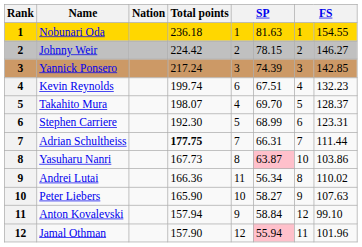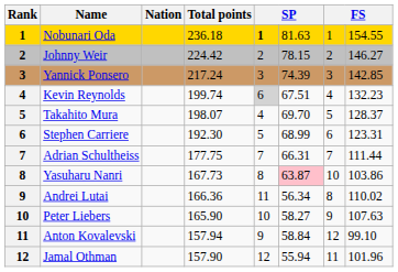 <table class="wikitable">
 <tr>
 <th>Rank</th>
 <th>Name</th>
 <th>Nation</th>
 <th>Total points</th>
 <th colspan="2" width="80px"><a href='#'>SP</a></th>
 <th colspan="2" width="80px"><a href='#'>FS</a></th>
 </tr>
 <tr bgcolor="gold">
 <td align="center"><strong>1</strong></td>
 <td><a href='#'>Nobunari Oda</a></td>
 <td></td>
 <td>236.18</td>
-<td>1</td>
+<td><strong>1</strong></td>
 <td>81.63</td>
 <td>1</td>
 <td>154.55</td>
 </tr>
 <tr bgcolor="silver">
 <td align="center"><strong>2</strong></td>
 <td><a href='#'>Johnny Weir</a></td>
 <td></td>
 <td>224.42</td>
 <td>2</td>
 <td>78.15</td>
 <td>2</td>
 <td>146.27</td>
 </tr>
 <tr bgcolor="cc9966">
 <td align="center"><strong>3</strong></td>
 <td><a href='#'>Yannick Ponsero</a></td>
 <td></td>
 <td>217.24</td>
 <td>3</td>
 <td>74.39</td>
 <td>3</td>
 <td>142.85</td>
 </tr>
 <tr>
 <th>4</th>
 <td><a href='#'>Kevin Reynolds</a></td>
 <td></td>
 <td>199.74</td>
-<td>6</td>
+<td style="background: lightgrey;">6</td>
 <td>67.51</td>
 <td>4</td>
 <td>132.23</td>
 </tr>
 <tr>
 <th>5</th>
 <td><a href='#'>Takahito Mura</a></td>
 <td></td>
 <td>198.07</td>
 <td>4</td>
 <td>69.70</td>
 <td>5</td>
 <td>128.37</td>
 </tr>
 <tr>
 <th>6</th>
 <td><a href='#'>Stephen Carriere</a></td>
 <td></td>
 <td>192.30</td>
 <td>5</td>
 <td>68.99</td>
 <td>6</td>
 <td>123.31</td>
 </tr>
 <tr>
 <th>7</th>
 <td><a href='#'>Adrian Schultheiss</a></td>
 <td></td>
-<td><strong>177.75</strong></td>
+<td>177.75</td>
 <td>7</td>
 <td>66.31</td>
 <td>7</td>
 <td>111.44</td>
 </tr>
 <tr>
 <th>8</th>
 <td><a href='#'>Yasuharu Nanri</a></td>
 <td></td>
 <td>167.73</td>
 <td>8</td>
 <td style="background: pink;">63.87</td>
 <td>10</td>
 <td>103.86</td>
 </tr>
 <tr>
 <th>9</th>
 <td><a href='#'>Andrei Lutai</a></td>
 <td></td>
 <td>166.36</td>
 <td>11</td>
 <td>56.34</td>
 <td>8</td>
 <td>110.02</td>
 </tr>
 <tr>
 <th>10</th>
 <td><a href='#'>Peter Liebers</a></td>
 <td></td>
 <td>165.90</td>
 <td>10</td>
 <td>58.27</td>
 <td>9</td>
 <td>107.63</td>
 </tr>
 <tr>
 <th>11</th>
 <td><a href='#'>Anton Kovalevski</a></td>
 <td></td>
 <td>157.94</td>
 <td>9</td>
 <td>58.84</td>
 <td>12</td>
 <td>99.10</td>
 </tr>
 <tr>
 <th>12</th>
 <td><a href='#'>Jamal Othman</a></td>
 <td></td>
 <td>157.90</td>
 <td>12</td>
-<td style="background: pink;">55.94</td>
+<td>55.94</td>
 <td>11</td>
 <td>101.96</td>
 </tr>
 </table>
